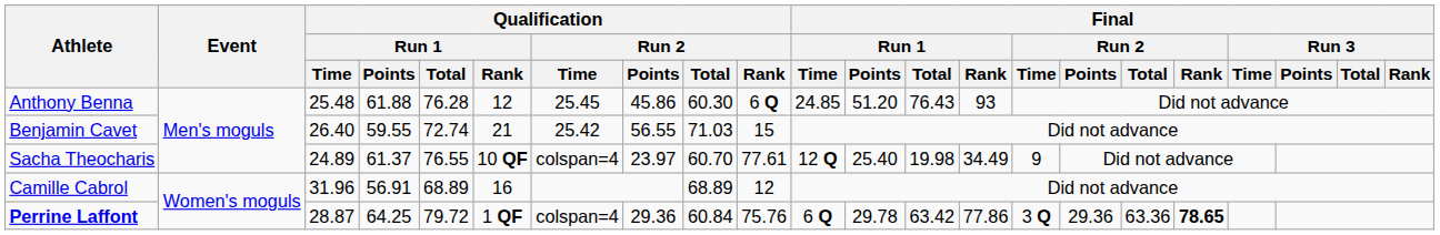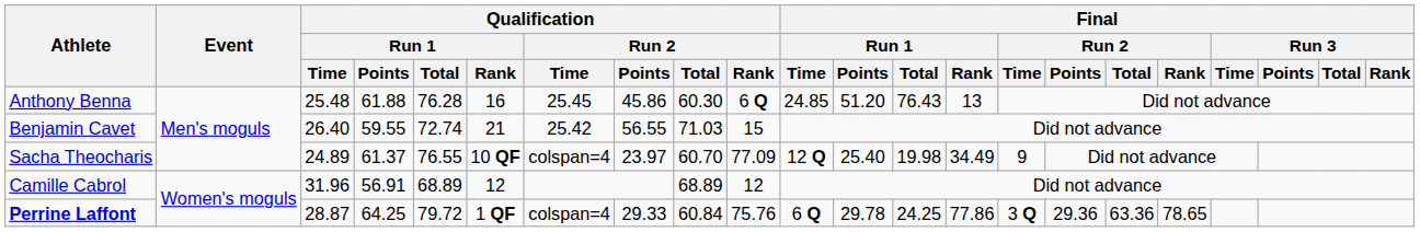 <table class="wikitable" style="font-size:90%">
 <tr>
 <th rowspan=3>Athlete</th>
 <th rowspan=3>Event</th>
 <th colspan=8>Qualification</th>
 <th colspan=12>Final</th>
 </tr>
 <tr style="font-size:95%">
 <th colspan=4>Run 1</th>
 <th colspan=4>Run 2</th>
 <th colspan=4>Run 1</th>
 <th colspan=4>Run 2</th>
 <th colspan=4>Run 3</th>
 </tr>
 <tr style="font-size:95%">
 <th>Time</th>
 <th>Points</th>
 <th>Total</th>
 <th>Rank</th>
 <th>Time</th>
 <th>Points</th>
 <th>Total</th>
 <th>Rank</th>
 <th>Time</th>
 <th>Points</th>
 <th>Total</th>
 <th>Rank</th>
 <th>Time</th>
 <th>Points</th>
 <th>Total</th>
 <th>Rank</th>
 <th>Time</th>
 <th>Points</th>
 <th>Total</th>
 <th>Rank</th>
 </tr>
 <tr align=center>
 <td align=left><a href='#'>Anthony Benna</a></td>
 <td align="left" rowspan=3><a href='#'>Men's moguls</a></td>
 <td>25.48</td>
 <td>61.88</td>
 <td>76.28</td>
-<td>12</td>
+<td>16</td>
 <td>25.45</td>
 <td>45.86</td>
 <td>60.30</td>
 <td>6 <strong>Q</strong></td>
 <td>24.85</td>
 <td>51.20</td>
 <td>76.43</td>
-<td>93</td>
+<td>13</td>
 <td colspan=8>Did not advance</td>
 </tr>
 <tr align=center>
 <td align=left><a href='#'>Benjamin Cavet</a></td>
 <td>26.40</td>
 <td>59.55</td>
 <td>72.74</td>
 <td>21</td>
 <td>25.42</td>
 <td>56.55</td>
 <td>71.03</td>
 <td>15</td>
 <td colspan=12>Did not advance</td>
 </tr>
 <tr align=center>
 <td align=left><a href='#'>Sacha Theocharis</a></td>
 <td>24.89</td>
 <td>61.37</td>
 <td>76.55</td>
 <td>10 <strong>QF</strong></td>
 <td>colspan=4 </td>
 <td>23.97</td>
 <td>60.70</td>
-<td>77.61</td>
+<td>77.09</td>
 <td>12 <strong>Q</strong></td>
 <td>25.40</td>
 <td>19.98</td>
 <td>34.49</td>
 <td>9</td>
 <td colspan=4>Did not advance</td>
 </tr>
 <tr align=center>
 <td align=left><a href='#'>Camille Cabrol</a></td>
 <td align="left" rowspan=2><a href='#'>Women's moguls</a></td>
 <td>31.96</td>
 <td>56.91</td>
 <td>68.89</td>
-<td>16</td>
+<td>12</td>
 <td colspan=2></td>
 <td>68.89</td>
 <td>12</td>
 <td colspan=12>Did not advance</td>
 </tr>
 <tr align=center>
 <td align=left><strong><a href='#'>Perrine Laffont</a></strong></td>
 <td>28.87</td>
 <td>64.25</td>
 <td>79.72</td>
 <td>1 <strong>QF</strong></td>
 <td>colspan=4 </td>
-<td>29.36</td>
+<td>29.33</td>
 <td>60.84</td>
 <td>75.76</td>
 <td>6 <strong>Q</strong></td>
 <td>29.78</td>
-<td>63.42</td>
+<td>24.25</td>
 <td>77.86</td>
 <td>3 <strong>Q</strong></td>
 <td>29.36</td>
 <td>63.36</td>
-<td><strong>78.65</strong></td>
+<td>78.65</td>
 <td></td>
 </tr>
 </table>
